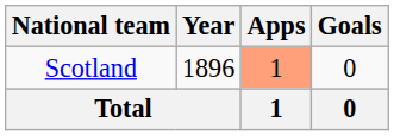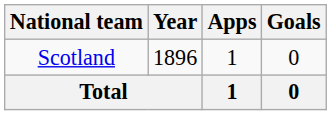 <table class="wikitable" style="text-align: center;">
 <tr>
 <th>National team</th>
 <th>Year</th>
 <th>Apps</th>
 <th>Goals</th>
 </tr>
 <tr>
 <td><a href='#'>Scotland</a></td>
 <td>1896</td>
-<td style="background: lightsalmon;">1</td>
+<td>1</td>
 <td>0</td>
 </tr>
 <tr>
 <th colspan="2">Total</th>
 <th>1</th>
 <th>0</th>
 </tr>
 </table>
